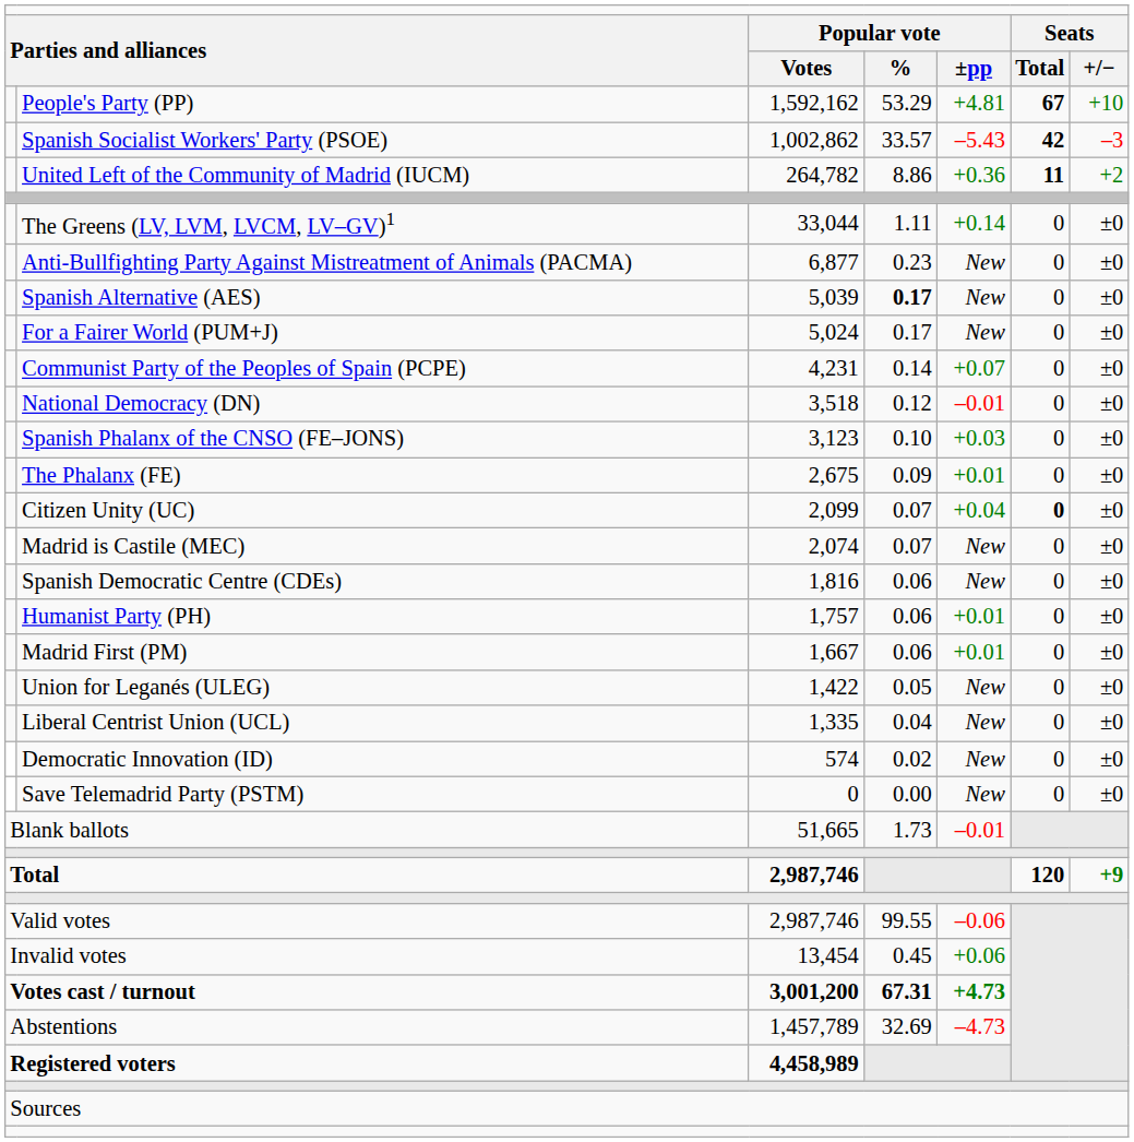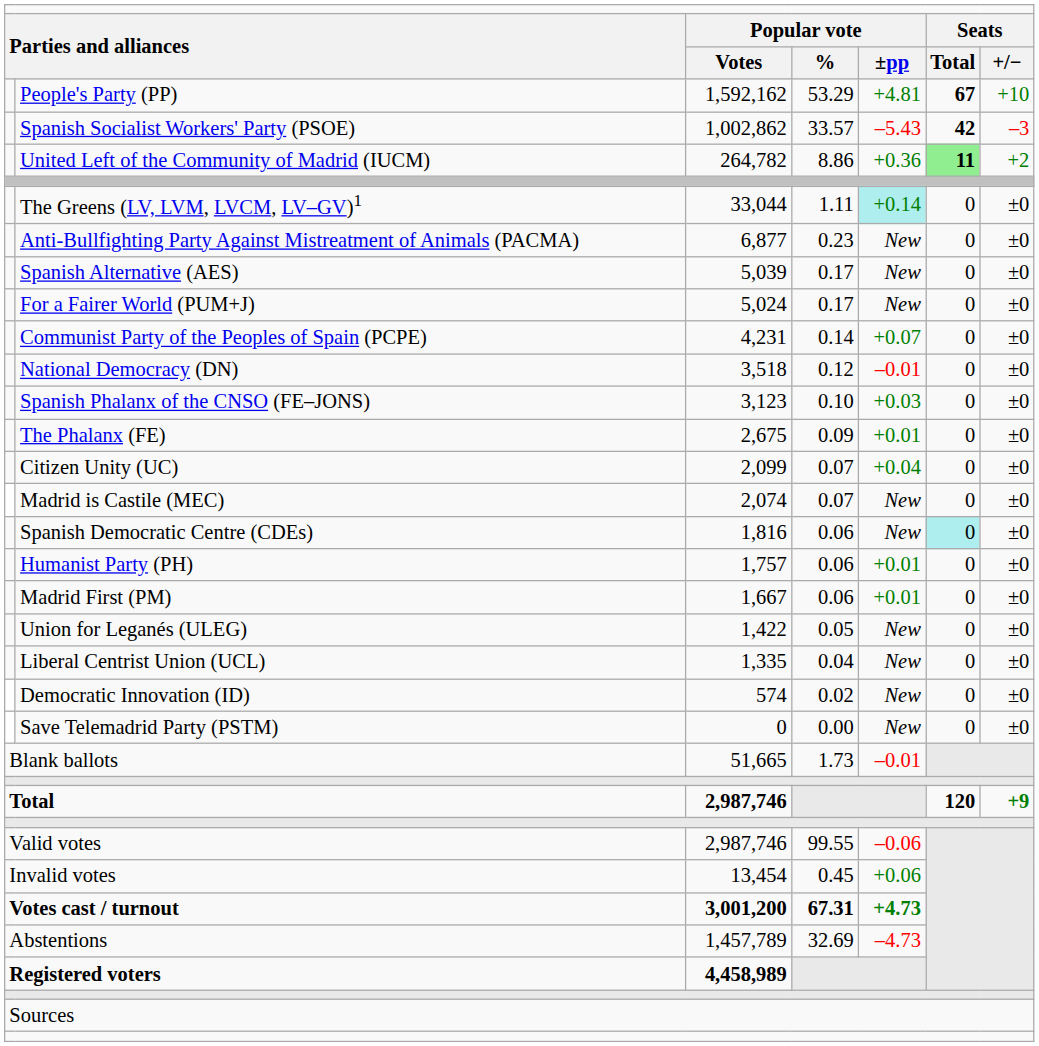 <table class="wikitable" style="text-align:right;">
 <tr>
 <td colspan="7"></td>
 </tr>
 <tr>
 <th style="text-align:left;" rowspan="2" colspan="2" width="525">Parties and alliances</th>
 <th colspan="3">Popular vote</th>
 <th colspan="2">Seats</th>
 </tr>
 <tr>
 <th width="75">Votes</th>
 <th width="45">%</th>
 <th width="45">±<a href='#'>pp</a></th>
 <th width="35">Total</th>
 <th width="35">+/−</th>
 </tr>
 <tr>
 <td width="1" style="color:inherit;background:"></td>
 <td align="left"><a href='#'>People's Party</a> (PP)</td>
 <td>1,592,162</td>
 <td>53.29</td>
 <td style="color:green;">+4.81</td>
 <td><strong>67</strong></td>
 <td style="color:green;">+10</td>
 </tr>
 <tr>
 <td style="color:inherit;background:"></td>
 <td align="left"><a href='#'>Spanish Socialist Workers' Party</a> (PSOE)</td>
 <td>1,002,862</td>
 <td>33.57</td>
 <td style="color:red;">–5.43</td>
 <td><strong>42</strong></td>
 <td style="color:red;">–3</td>
 </tr>
 <tr>
 <td style="color:inherit;background:"></td>
 <td align="left"><a href='#'>United Left of the Community of Madrid</a> (IUCM)</td>
 <td>264,782</td>
 <td>8.86</td>
 <td style="color:green;">+0.36</td>
-<td><strong>11</strong></td>
+<td style="background: lightgreen;"><strong>11</strong></td>
 <td style="color:green;">+2</td>
 </tr>
 <tr>
 <td colspan="7" bgcolor="#C0C0C0"></td>
 </tr>
 <tr>
 <td style="color:inherit;background:"></td>
 <td align="left">The Greens (<a href='#'>LV, LVM</a>, <a href='#'>LVCM</a>, <a href='#'>LV–GV</a>)<sup>1</sup></td>
 <td>33,044</td>
 <td>1.11</td>
-<td style="color:green;">+0.14</td>
+<td style="background: paleturquoise; color:green;">+0.14</td>
 <td>0</td>
 <td>±0</td>
 </tr>
 <tr>
 <td style="color:inherit;background:"></td>
 <td align="left"><a href='#'>Anti-Bullfighting Party Against Mistreatment of Animals</a> (PACMA)</td>
 <td>6,877</td>
 <td>0.23</td>
 <td><em>New</em></td>
 <td>0</td>
 <td>±0</td>
 </tr>
 <tr>
 <td style="color:inherit;background:"></td>
 <td align="left"><a href='#'>Spanish Alternative</a> (AES)</td>
 <td>5,039</td>
-<td><strong>0.17</strong></td>
+<td>0.17</td>
 <td><em>New</em></td>
 <td>0</td>
 <td>±0</td>
 </tr>
 <tr>
 <td style="color:inherit;background:"></td>
 <td align="left"><a href='#'>For a Fairer World</a> (PUM+J)</td>
 <td>5,024</td>
 <td>0.17</td>
 <td><em>New</em></td>
 <td>0</td>
 <td>±0</td>
 </tr>
 <tr>
 <td style="color:inherit;background:"></td>
 <td align="left"><a href='#'>Communist Party of the Peoples of Spain</a> (PCPE)</td>
 <td>4,231</td>
 <td>0.14</td>
 <td style="color:green;">+0.07</td>
 <td>0</td>
 <td>±0</td>
 </tr>
 <tr>
 <td style="color:inherit;background:"></td>
 <td align="left"><a href='#'>National Democracy</a> (DN)</td>
 <td>3,518</td>
 <td>0.12</td>
 <td style="color:red;">–0.01</td>
 <td>0</td>
 <td>±0</td>
 </tr>
 <tr>
 <td style="color:inherit;background:"></td>
 <td align="left"><a href='#'>Spanish Phalanx of the CNSO</a> (FE–JONS)</td>
 <td>3,123</td>
 <td>0.10</td>
 <td style="color:green;">+0.03</td>
 <td>0</td>
 <td>±0</td>
 </tr>
 <tr>
 <td style="color:inherit;background:"></td>
 <td align="left"><a href='#'>The Phalanx</a> (FE)</td>
 <td>2,675</td>
 <td>0.09</td>
 <td style="color:green;">+0.01</td>
 <td>0</td>
 <td>±0</td>
 </tr>
 <tr>
 <td style="color:inherit;background:"></td>
 <td align="left">Citizen Unity (UC)</td>
 <td>2,099</td>
 <td>0.07</td>
 <td style="color:green;">+0.04</td>
-<td><strong>0</strong></td>
+<td>0</td>
 <td>±0</td>
 </tr>
 <tr>
 <td bgcolor="white"></td>
 <td align="left">Madrid is Castile (MEC)</td>
 <td>2,074</td>
 <td>0.07</td>
 <td><em>New</em></td>
 <td>0</td>
 <td>±0</td>
 </tr>
 <tr>
 <td style="color:inherit;background:"></td>
 <td align="left">Spanish Democratic Centre (CDEs)</td>
 <td>1,816</td>
 <td>0.06</td>
 <td><em>New</em></td>
-<td>0</td>
+<td style="background: paleturquoise;">0</td>
 <td>±0</td>
 </tr>
 <tr>
 <td style="color:inherit;background:"></td>
 <td align="left"><a href='#'>Humanist Party</a> (PH)</td>
 <td>1,757</td>
 <td>0.06</td>
 <td style="color:green;">+0.01</td>
 <td>0</td>
 <td>±0</td>
 </tr>
 <tr>
 <td style="color:inherit;background:"></td>
 <td align="left">Madrid First (PM)</td>
 <td>1,667</td>
 <td>0.06</td>
 <td style="color:green;">+0.01</td>
 <td>0</td>
 <td>±0</td>
 </tr>
 <tr>
 <td style="color:inherit;background:"></td>
 <td align="left">Union for Leganés (ULEG)</td>
 <td>1,422</td>
 <td>0.05</td>
 <td><em>New</em></td>
 <td>0</td>
 <td>±0</td>
 </tr>
 <tr>
 <td style="color:inherit;background:"></td>
 <td align="left">Liberal Centrist Union (UCL)</td>
 <td>1,335</td>
 <td>0.04</td>
 <td><em>New</em></td>
 <td>0</td>
 <td>±0</td>
 </tr>
 <tr>
 <td bgcolor="white"></td>
 <td align="left">Democratic Innovation (ID)</td>
 <td>574</td>
 <td>0.02</td>
 <td><em>New</em></td>
 <td>0</td>
 <td>±0</td>
 </tr>
 <tr>
 <td bgcolor="white"></td>
 <td align="left">Save Telemadrid Party (PSTM)</td>
 <td>0</td>
 <td>0.00</td>
 <td><em>New</em></td>
 <td>0</td>
 <td>±0</td>
 </tr>
 <tr>
 <td align="left" colspan="2">Blank ballots</td>
 <td>51,665</td>
 <td>1.73</td>
 <td style="color:red;">–0.01</td>
 <td bgcolor="#E9E9E9" colspan="2"></td>
 </tr>
 <tr>
 <td colspan="7" bgcolor="#E9E9E9"></td>
 </tr>
 <tr style="font-weight:bold;">
 <td align="left" colspan="2">Total</td>
 <td>2,987,746</td>
 <td bgcolor="#E9E9E9" colspan="2"></td>
 <td>120</td>
 <td style="color:green;">+9</td>
 </tr>
 <tr>
 <td colspan="7" bgcolor="#E9E9E9"></td>
 </tr>
 <tr>
 <td align="left" colspan="2">Valid votes</td>
 <td>2,987,746</td>
 <td>99.55</td>
 <td style="color:red;">–0.06</td>
 <td bgcolor="#E9E9E9" colspan="2" rowspan="5"></td>
 </tr>
 <tr>
 <td align="left" colspan="2">Invalid votes</td>
 <td>13,454</td>
 <td>0.45</td>
 <td style="color:green;">+0.06</td>
 </tr>
 <tr style="font-weight:bold;">
 <td align="left" colspan="2">Votes cast / turnout</td>
 <td>3,001,200</td>
 <td>67.31</td>
 <td style="color:green;">+4.73</td>
 </tr>
 <tr>
 <td align="left" colspan="2">Abstentions</td>
 <td>1,457,789</td>
 <td>32.69</td>
 <td style="color:red;">–4.73</td>
 </tr>
 <tr style="font-weight:bold;">
 <td align="left" colspan="2">Registered voters</td>
 <td>4,458,989</td>
 <td bgcolor="#E9E9E9" colspan="2"></td>
 </tr>
 <tr>
 <td colspan="7" bgcolor="#E9E9E9"></td>
 </tr>
 <tr>
 <td align="left" colspan="7">Sources</td>
 </tr>
 <tr>
 <td colspan="7" style="text-align:left; max-width:790px;"></td>
 </tr>
 </table>
